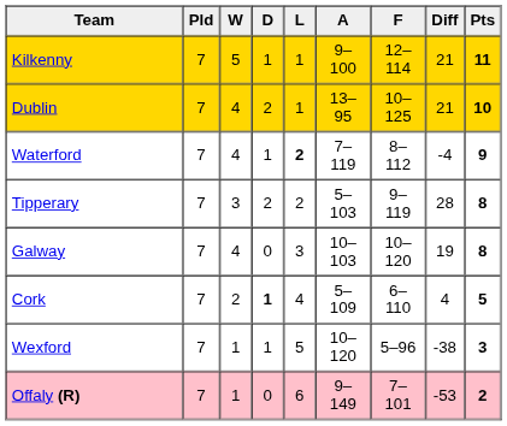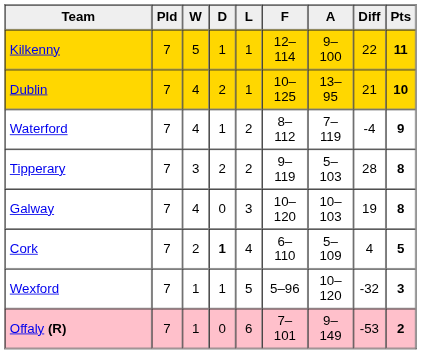 <table style=border–collapse:collapse border=1 cellspacing=0 cellpadding=5>
 <tr align=center bgcolor=#efefef>
 <th width=165>Team</th>
 <th width=20>Pld</th>
 <th width=20>W</th>
 <th width=20>D</th>
 <th width=20>L</th>
+<th width=43>F</th>
 <th width=43>A</th>
-<th width=43>F</th>
 <th width=20>Diff</th>
 <th width=20>Pts</th>
 </tr>
 <tr align=center style="background:gold">
 <td style="text-align:left;"><a href='#'>Kilkenny</a></td>
 <td>7</td>
 <td>5</td>
 <td>1</td>
 <td>1</td>
+<td>12–114</td>
 <td>9–100</td>
-<td>12–114</td>
-<td>21</td>
+<td>22</td>
 <td><strong>11</strong></td>
 </tr>
 <tr align=center style="background:gold">
 <td style="text-align:left;"><a href='#'>Dublin</a></td>
 <td>7</td>
 <td>4</td>
 <td>2</td>
 <td>1</td>
+<td>10–125</td>
 <td>13–95</td>
-<td>10–125</td>
 <td>21</td>
 <td><strong>10</strong></td>
 </tr>
 <tr align=center style="background:#FFFFFF;">
 <td style="text-align:left;"><a href='#'>Waterford</a></td>
 <td>7</td>
 <td>4</td>
 <td>1</td>
-<td><strong>2</strong></td>
+<td>2</td>
+<td>8–112</td>
 <td>7–119</td>
-<td>8–112</td>
 <td>-4</td>
 <td><strong>9</strong></td>
 </tr>
 <tr align=center style="background:#FFFFFF;">
 <td style="text-align:left;"><a href='#'>Tipperary</a></td>
 <td>7</td>
 <td>3</td>
 <td>2</td>
 <td>2</td>
+<td>9–119</td>
 <td>5–103</td>
-<td>9–119</td>
 <td>28</td>
 <td><strong>8</strong></td>
 </tr>
 <tr align=center style="background:#FFFFFF;">
 <td style="text-align:left;"><a href='#'>Galway</a></td>
 <td>7</td>
 <td>4</td>
 <td>0</td>
 <td>3</td>
+<td>10–120</td>
 <td>10–103</td>
-<td>10–120</td>
 <td>19</td>
 <td><strong>8</strong></td>
 </tr>
 <tr align=center style="background:#FFFFFF;">
 <td style="text-align:left;"><a href='#'>Cork</a></td>
 <td>7</td>
 <td>2</td>
 <td><strong>1</strong></td>
 <td>4</td>
+<td>6–110</td>
 <td>5–109</td>
-<td>6–110</td>
 <td>4</td>
 <td><strong>5</strong></td>
 </tr>
 <tr align=center style="background:#FFFFFF;">
 <td style="text-align:left;"><a href='#'>Wexford</a></td>
 <td>7</td>
 <td>1</td>
 <td>1</td>
 <td>5</td>
+<td>5–96</td>
 <td>10–120</td>
-<td>5–96</td>
-<td>-38</td>
+<td>-32</td>
 <td><strong>3</strong></td>
 </tr>
 <tr align=center style="background:#FFC0CB;">
 <td style="text-align:left;"><a href='#'>Offaly</a> <strong>(R)</strong></td>
 <td>7</td>
 <td>1</td>
 <td>0</td>
 <td>6</td>
+<td>7–101</td>
 <td>9–149</td>
-<td>7–101</td>
 <td>-53</td>
 <td><strong>2</strong></td>
 </tr>
 </table>
